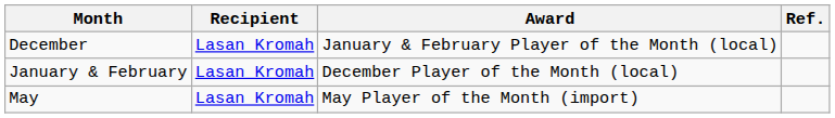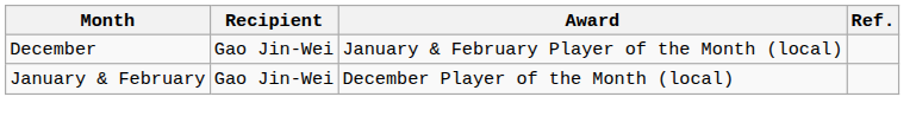 <table class="wikitable">
 <tr>
 <th>Month</th>
 <th>Recipient</th>
 <th>Award</th>
 <th>Ref.</th>
 </tr>
 <tr>
 <td>December</td>
-<td><a href='#'>Lasan Kromah</a></td>
+<td>Gao Jin-Wei</td>
 <td>January & February Player of the Month (local)</td>
 <td></td>
 </tr>
 <tr>
 <td>January & February</td>
-<td><a href='#'>Lasan Kromah</a></td>
+<td>Gao Jin-Wei</td>
 <td>December Player of the Month (local)</td>
 <td></td>
 </tr>
-<tr>
-<td>May</td>
-<td><a href='#'>Lasan Kromah</a></td>
-<td>May Player of the Month (import)</td>
-<td></td>
-</tr>
 </table>
